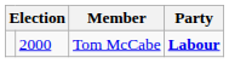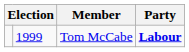 <table class="wikitable">
 <tr>
 <th colspan="2">Election</th>
 <th>Member</th>
 <th>Party</th>
 </tr>
 <tr>
 <td style="background-color: "></td>
-<td><a href='#'>2000</a></td>
+<td><a href='#'>1999</a></td>
 <td><a href='#'>Tom McCabe</a></td>
 <td><strong><a href='#'>Labour</a></strong></td>
 </tr>
 </table>
